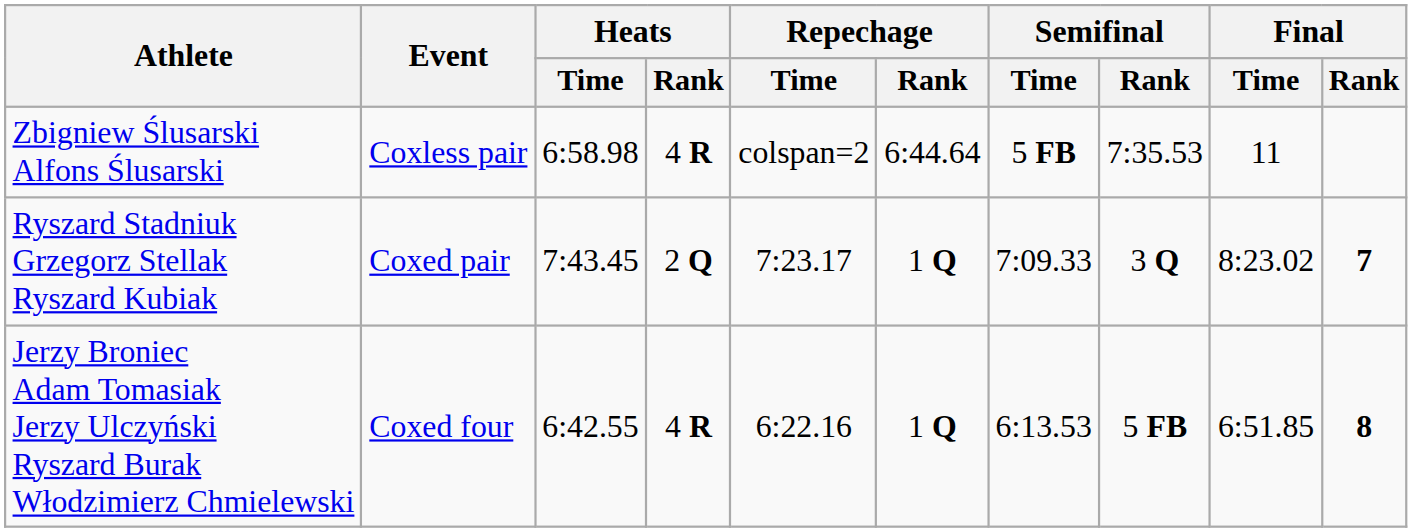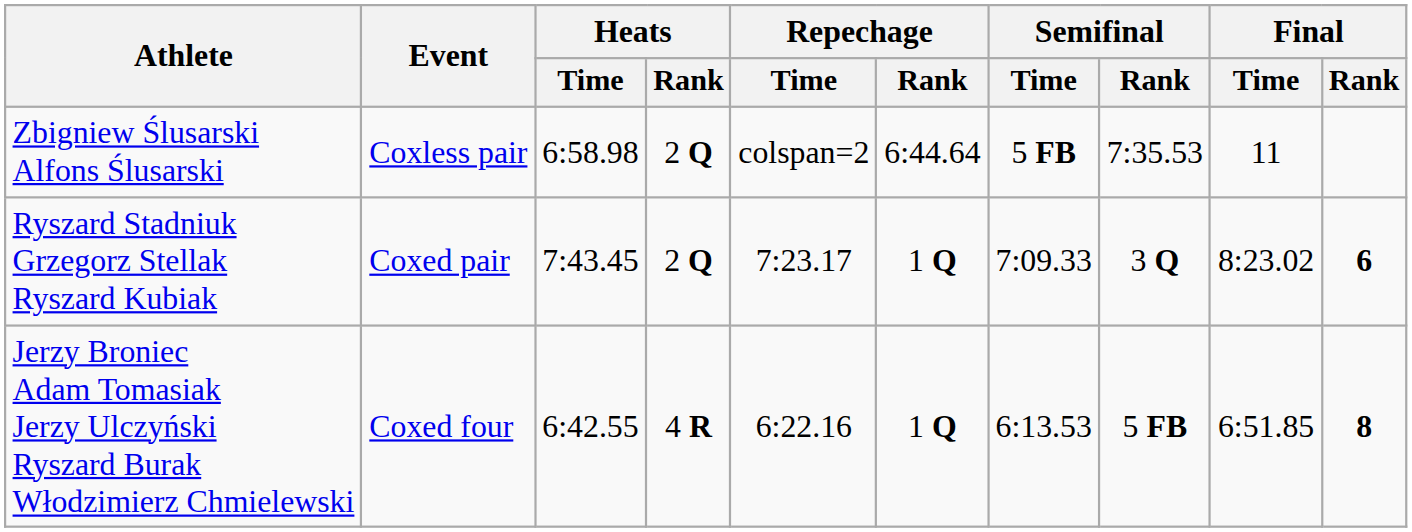 <table class="wikitable" style="font-size:90%">
 <tr>
 <th rowspan="2">Athlete</th>
 <th rowspan="2">Event</th>
 <th colspan="2">Heats</th>
 <th colspan="2">Repechage</th>
 <th colspan="2">Semifinal</th>
 <th colspan="2">Final</th>
 </tr>
 <tr style="font-size:95%">
 <th>Time</th>
 <th>Rank</th>
 <th>Time</th>
 <th>Rank</th>
 <th>Time</th>
 <th>Rank</th>
 <th>Time</th>
 <th>Rank</th>
 </tr>
 <tr align=center>
 <td align=left><a href='#'>Zbigniew Ślusarski</a><br><a href='#'>Alfons Ślusarski</a></td>
 <td align=left><a href='#'>Coxless pair</a></td>
 <td>6:58.98</td>
-<td>4 <strong>R</strong></td>
+<td>2 <strong>Q</strong></td>
 <td>colspan=2 </td>
 <td>6:44.64</td>
 <td>5 <strong>FB</strong></td>
 <td>7:35.53</td>
 <td>11</td>
 </tr>
 <tr align=center>
 <td align=left><a href='#'>Ryszard Stadniuk</a><br><a href='#'>Grzegorz Stellak</a><br><a href='#'>Ryszard Kubiak</a></td>
 <td align=left><a href='#'>Coxed pair</a></td>
 <td>7:43.45</td>
 <td>2 <strong>Q</strong></td>
 <td>7:23.17</td>
 <td>1 <strong>Q</strong></td>
 <td>7:09.33</td>
 <td>3 <strong>Q</strong></td>
 <td>8:23.02</td>
-<td><strong>7</strong></td>
+<td><strong>6</strong></td>
 </tr>
 <tr align=center>
 <td align=left><a href='#'>Jerzy Broniec</a><br><a href='#'>Adam Tomasiak</a><br><a href='#'>Jerzy Ulczyński</a><br><a href='#'>Ryszard Burak</a><br><a href='#'>Włodzimierz Chmielewski</a></td>
 <td align=left><a href='#'>Coxed four</a></td>
 <td>6:42.55</td>
 <td>4 <strong>R</strong></td>
 <td>6:22.16</td>
 <td>1 <strong>Q</strong></td>
 <td>6:13.53</td>
 <td>5 <strong>FB</strong></td>
 <td>6:51.85</td>
 <td><strong>8</strong></td>
 </tr>
 </table>
